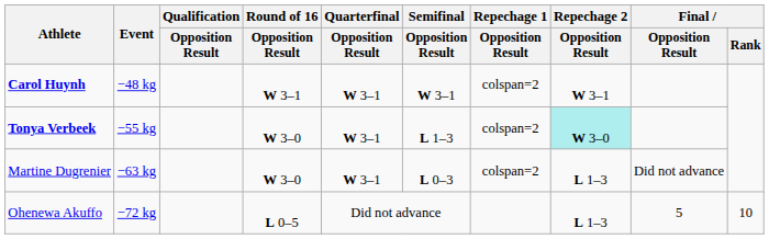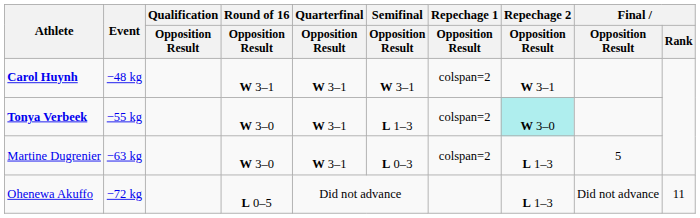 <table class="wikitable" style="font-size:90%">
 <tr>
 <th rowspan="2">Athlete</th>
 <th rowspan="2">Event</th>
 <th>Qualification</th>
 <th>Round of 16</th>
 <th>Quarterfinal</th>
 <th>Semifinal</th>
 <th>Repechage 1</th>
 <th>Repechage 2</th>
 <th colspan=2>Final / </th>
 </tr>
 <tr style="font-size: 95%">
 <th>Opposition<br>Result</th>
 <th>Opposition<br>Result</th>
 <th>Opposition<br>Result</th>
 <th>Opposition<br>Result</th>
 <th>Opposition<br>Result</th>
 <th>Opposition<br>Result</th>
 <th>Opposition<br>Result</th>
 <th>Rank</th>
 </tr>
 <tr align=center>
 <td align=left><strong><a href='#'>Carol Huynh</a></strong></td>
 <td align=left><a href='#'>−48 kg</a></td>
 <td></td>
 <td> <br> <strong>W</strong> 3–1 <sup></sup></td>
 <td> <br> <strong>W</strong> 3–1 <sup></sup></td>
 <td> <br> <strong>W</strong> 3–1 <sup></sup></td>
 <td>colspan=2 </td>
 <td> <br> <strong>W</strong> 3–1 <sup></sup></td>
 <td></td>
 </tr>
 <tr align=center>
 <td align=left><strong><a href='#'>Tonya Verbeek</a></strong></td>
 <td align=left><a href='#'>−55 kg</a></td>
 <td></td>
 <td> <br> <strong>W</strong> 3–0 <sup></sup></td>
 <td> <br> <strong>W</strong> 3–1 <sup></sup></td>
 <td> <br> <strong>L</strong> 1–3 <sup></sup></td>
 <td>colspan=2 </td>
 <td style="background: paleturquoise;"> <br> <strong>W</strong> 3–0 <sup></sup></td>
 <td></td>
 </tr>
 <tr align=center>
 <td align=left><a href='#'>Martine Dugrenier</a></td>
 <td align=left><a href='#'>−63 kg</a></td>
 <td></td>
 <td> <br> <strong>W</strong> 3–0 <sup></sup></td>
 <td> <br> <strong>W</strong> 3–1 <sup></sup></td>
 <td> <br> <strong>L</strong> 0–3 <sup></sup></td>
 <td>colspan=2 </td>
 <td> <br> <strong>L</strong> 1–3 <sup></sup></td>
-<td>Did not advance</td>
+<td>5</td>
 </tr>
 <tr align=center>
 <td align=left><a href='#'>Ohenewa Akuffo</a></td>
 <td align=left><a href='#'>−72 kg</a></td>
 <td></td>
 <td> <br> <strong>L</strong> 0–5 <sup></sup></td>
 <td colspan=2>Did not advance</td>
 <td></td>
 <td> <br> <strong>L</strong> 1–3 <sup></sup></td>
-<td>5</td>
-<td>10</td>
+<td>Did not advance</td>
+<td>11</td>
 </tr>
 </table>
